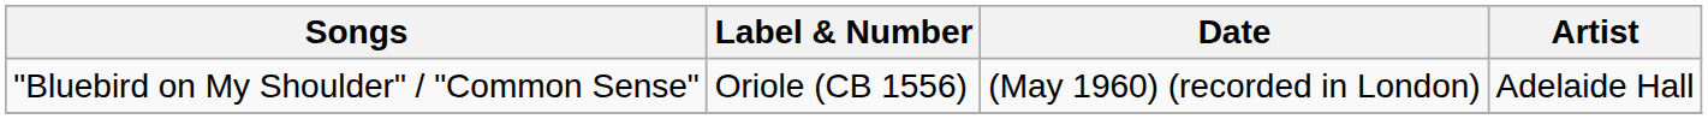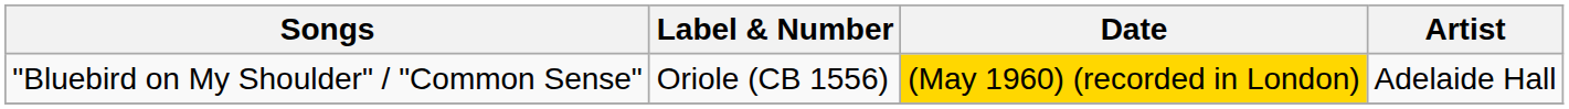 <table class="wikitable sortable" border="1" |}>
 <tr>
 <th>Songs</th>
 <th>Label & Number</th>
 <th>Date</th>
 <th>Artist</th>
 </tr>
 <tr>
 <td>"Bluebird on My Shoulder" / "Common Sense"</td>
 <td>Oriole (CB 1556)</td>
-<td>(May 1960) (recorded in London)</td>
+<td style="background: gold;">(May 1960) (recorded in London)</td>
 <td>Adelaide Hall</td>
 </tr>
 <tr>
 </tr>
 </table>
